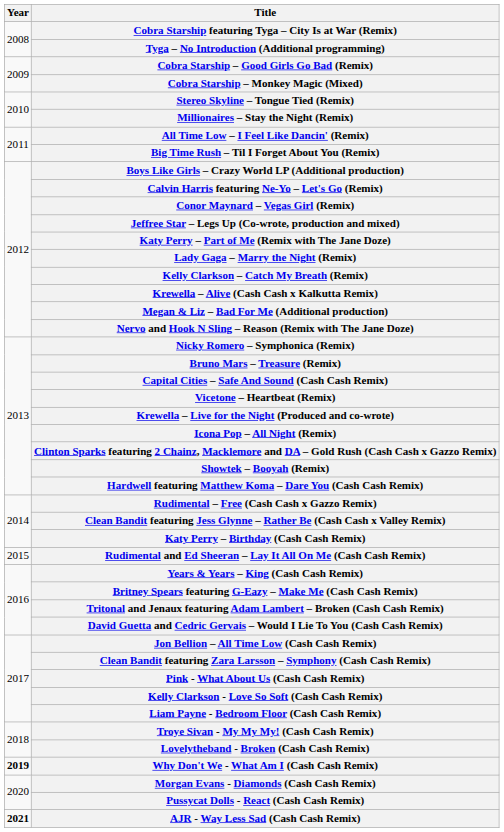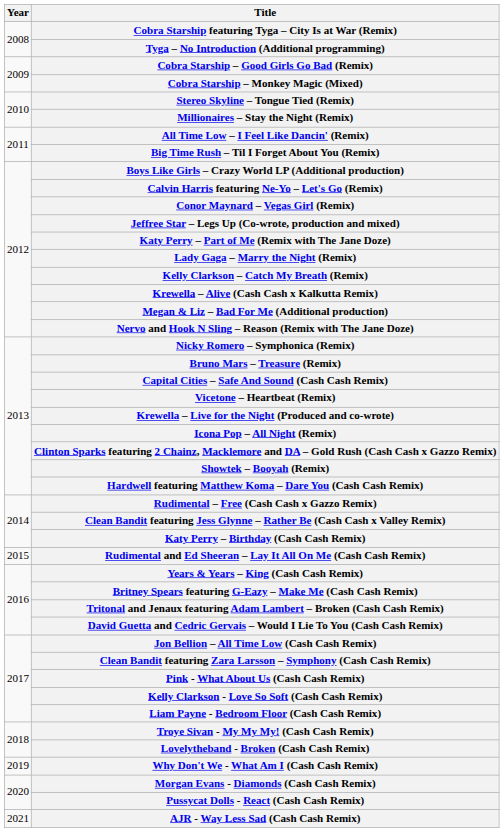 <table class="wikitable plainrowheaders" style="text-align:center;">
 <tr>
 <th scope="col">Year</th>
 <th scope="col">Title</th>
 </tr>
 <tr>
 <td rowspan="2">2008</td>
 <th scope="row"><a href='#'>Cobra Starship</a> featuring Tyga – City Is at War (Remix)</th>
 </tr>
 <tr>
 <th scope="row"><a href='#'>Tyga</a> – <a href='#'>No Introduction</a> (Additional programming)</th>
 </tr>
 <tr>
 <td rowspan="2">2009</td>
 <th scope="row"><a href='#'>Cobra Starship</a> – <a href='#'>Good Girls Go Bad</a> (Remix)</th>
 </tr>
 <tr>
 <th scope="row"><a href='#'>Cobra Starship</a> – Monkey Magic (Mixed)</th>
 </tr>
 <tr>
 <td rowspan="2">2010</td>
 <th scope="row"><a href='#'>Stereo Skyline</a> – Tongue Tied (Remix)</th>
 </tr>
 <tr>
 <th scope="row"><a href='#'>Millionaires</a> – Stay the Night (Remix)</th>
 </tr>
 <tr>
 <td rowspan="2">2011</td>
 <th scope="row"><a href='#'>All Time Low</a> – <a href='#'>I Feel Like Dancin'</a> (Remix)</th>
 </tr>
 <tr>
 <th scope="row"><a href='#'>Big Time Rush</a> – Til I Forget About You (Remix)</th>
 </tr>
 <tr>
 <td rowspan="10">2012</td>
 <th scope="row"><a href='#'>Boys Like Girls</a> – Crazy World LP (Additional production)</th>
 </tr>
 <tr>
 <th scope="row"><a href='#'>Calvin Harris</a> featuring <a href='#'>Ne-Yo</a> – <a href='#'>Let's Go</a> (Remix)</th>
 </tr>
 <tr>
 <th scope="row"><a href='#'>Conor Maynard</a> – <a href='#'>Vegas Girl</a> (Remix)</th>
 </tr>
 <tr>
 <th scope="row"><a href='#'>Jeffree Star</a> – Legs Up (Co-wrote, production and mixed)</th>
 </tr>
 <tr>
 <th scope="row"><a href='#'>Katy Perry</a> – <a href='#'>Part of Me</a> (Remix with The Jane Doze)</th>
 </tr>
 <tr>
 <th scope="row"><a href='#'>Lady Gaga</a> – <a href='#'>Marry the Night</a> (Remix)</th>
 </tr>
 <tr>
 <th scope="row"><a href='#'>Kelly Clarkson</a> – <a href='#'>Catch My Breath</a> (Remix)</th>
 </tr>
 <tr>
 <th scope="row"><a href='#'>Krewella</a> – <a href='#'>Alive</a> (Cash Cash x Kalkutta Remix)</th>
 </tr>
 <tr>
 <th scope="row"><a href='#'>Megan & Liz</a> – <a href='#'>Bad For Me</a> (Additional production)</th>
 </tr>
 <tr>
 <th scope="row"><a href='#'>Nervo</a> and <a href='#'>Hook N Sling</a> – Reason (Remix with The Jane Doze)</th>
 </tr>
 <tr>
 <td rowspan="9">2013</td>
 <th scope="row"><a href='#'>Nicky Romero</a> – Symphonica (Remix)</th>
 </tr>
 <tr>
 <th scope="row"><a href='#'>Bruno Mars</a> – <a href='#'>Treasure</a> (Remix)</th>
 </tr>
 <tr>
 <th scope="row"><a href='#'>Capital Cities</a> – <a href='#'>Safe And Sound</a> (Cash Cash Remix)</th>
 </tr>
 <tr>
 <th scope="row"><a href='#'>Vicetone</a> – Heartbeat (Remix)</th>
 </tr>
 <tr>
 <th scope="row"><a href='#'>Krewella</a> – <a href='#'>Live for the Night</a> (Produced and co-wrote)</th>
 </tr>
 <tr>
 <th scope="row"><a href='#'>Icona Pop</a> – <a href='#'>All Night</a> (Remix)</th>
 </tr>
 <tr>
 <th scope="row"><a href='#'>Clinton Sparks</a> featuring <a href='#'>2 Chainz</a>, <a href='#'>Macklemore</a> and <a href='#'>DA</a> – Gold Rush (Cash Cash x Gazzo Remix)</th>
 </tr>
 <tr>
 <th scope="row"><a href='#'>Showtek</a> – <a href='#'>Booyah</a> (Remix)</th>
 </tr>
 <tr>
 <th scope="row"><a href='#'>Hardwell</a> featuring <a href='#'>Matthew Koma</a> – <a href='#'>Dare You</a> (Cash Cash Remix)</th>
 </tr>
 <tr>
 <td rowspan="3">2014</td>
 <th scope="row"><a href='#'>Rudimental</a> – <a href='#'>Free</a> (Cash Cash x Gazzo Remix)</th>
 </tr>
 <tr>
 <th scope="row"><a href='#'>Clean Bandit</a> featuring <a href='#'>Jess Glynne</a> – <a href='#'>Rather Be</a> (Cash Cash x Valley Remix)</th>
 </tr>
 <tr>
 <th scope="row"><a href='#'>Katy Perry</a> – <a href='#'>Birthday</a> (Cash Cash Remix)</th>
 </tr>
 <tr>
 <td rowspan="1">2015</td>
 <th scope="row"><a href='#'>Rudimental</a> and <a href='#'>Ed Sheeran</a> – <a href='#'>Lay It All On Me</a> (Cash Cash Remix)</th>
 </tr>
 <tr>
 <td rowspan="4">2016</td>
 <th scope="row"><a href='#'>Years & Years</a> – <a href='#'>King</a> (Cash Cash Remix)</th>
 </tr>
 <tr>
 <th scope="row"><a href='#'>Britney Spears</a> featuring <a href='#'>G-Eazy</a> – <a href='#'>Make Me</a> (Cash Cash Remix)</th>
 </tr>
 <tr>
 <th scope="row"><a href='#'>Tritonal</a> and Jenaux featuring <a href='#'>Adam Lambert</a> – Broken (Cash Cash Remix)</th>
 </tr>
 <tr>
 <th scope="row"><a href='#'>David Guetta</a> and <a href='#'>Cedric Gervais</a> – Would I Lie To You (Cash Cash Remix)</th>
 </tr>
 <tr>
 <td rowspan="5">2017</td>
 <th scope="row"><a href='#'>Jon Bellion</a> – <a href='#'>All Time Low</a> (Cash Cash Remix)</th>
 </tr>
 <tr>
 <th scope="row"><a href='#'>Clean Bandit</a> featuring <a href='#'>Zara Larsson</a> – <a href='#'>Symphony</a> (Cash Cash Remix)</th>
 </tr>
 <tr>
 <th scope="row"><a href='#'>Pink</a> - <a href='#'>What About Us</a> (Cash Cash Remix)</th>
 </tr>
 <tr>
 <th scope="row"><a href='#'>Kelly Clarkson</a> - <a href='#'>Love So Soft</a> (Cash Cash Remix)</th>
 </tr>
 <tr>
 <th scope="row"><a href='#'>Liam Payne</a> - <a href='#'>Bedroom Floor</a> (Cash Cash Remix)</th>
 </tr>
 <tr>
 <td rowspan="2">2018</td>
 <th scope="row"><a href='#'>Troye Sivan</a> - <a href='#'>My My My!</a> (Cash Cash Remix)</th>
 </tr>
 <tr>
 <th scope="row"><a href='#'>Lovelytheband</a> - <a href='#'>Broken</a> (Cash Cash Remix)</th>
 </tr>
 <tr>
-<td><strong>2019</strong></td>
+<td>2019</td>
 <th scope="row"><a href='#'>Why Don't We</a> - <a href='#'>What Am I</a> (Cash Cash Remix)</th>
 </tr>
 <tr>
 <td rowspan="2">2020</td>
 <th scope="row"><a href='#'>Morgan Evans</a> - <a href='#'>Diamonds</a> (Cash Cash Remix)</th>
 </tr>
 <tr>
 <th scope="row"><a href='#'>Pussycat Dolls</a> - <a href='#'>React</a> (Cash Cash Remix)</th>
 </tr>
 <tr>
-<td><strong>2021</strong></td>
+<td>2021</td>
 <th scope="row"><a href='#'>AJR</a> - <a href='#'>Way Less Sad</a> (Cash Cash Remix)</th>
 </tr>
 </table>
